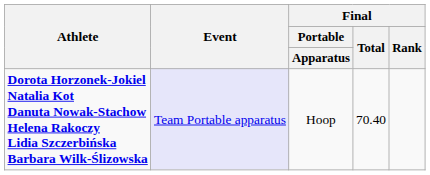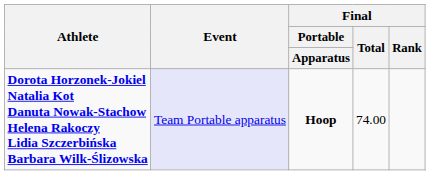 <table class="wikitable" style="font-size:95%">
 <tr>
 <th rowspan="3">Athlete</th>
 <th rowspan="3">Event</th>
 <th colspan =3>Final</th>
 </tr>
 <tr style="font-size:95%">
 <th rowspan=1>Portable</th>
 <th rowspan=2>Total</th>
 <th rowspan=2>Rank</th>
 </tr>
 <tr style="font-size:95%">
 <th>Apparatus</th>
 </tr>
 <tr align=center>
 <td align=left><strong><a href='#'>Dorota Horzonek-Jokiel</a><br><a href='#'>Natalia Kot</a><br><a href='#'>Danuta Nowak-Stachow</a><br><a href='#'>Helena Rakoczy</a><br><a href='#'>Lidia Szczerbińska</a><br><a href='#'>Barbara Wilk-Ślizowska</a></strong></td>
 <td align=left style="background: lavender;"><a href='#'>Team Portable apparatus</a></td>
-<td>Hoop</td>
-<td>70.40</td>
+<td><strong>Hoop</strong></td>
+<td>74.00</td>
 <td></td>
 </tr>
 </table>
